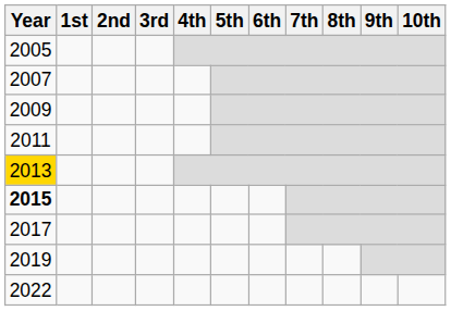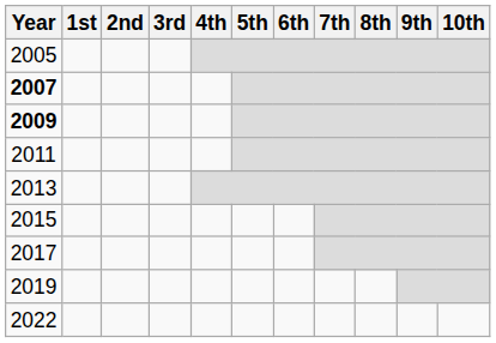 <table class="wikitable" style="text-align:left; font-size:90%">
 <tr>
 <th>Year</th>
 <th>1st</th>
 <th>2nd</th>
 <th>3rd</th>
 <th>4th</th>
 <th>5th</th>
 <th>6th</th>
 <th>7th</th>
 <th>8th</th>
 <th>9th</th>
 <th>10th</th>
 </tr>
 <tr>
 <td align="center">2005</td>
 <td></td>
 <td></td>
 <td></td>
 <td colspan=7 bgcolor=#DCDCDC></td>
 </tr>
 <tr>
-<td align="center">2007</td>
+<td align="center"><strong>2007</strong></td>
 <td></td>
 <td></td>
 <td></td>
 <td></td>
 <td colspan=6 bgcolor=#DCDCDC></td>
 </tr>
 <tr>
-<td align="center">2009</td>
+<td align="center"><strong>2009</strong></td>
 <td></td>
 <td></td>
 <td></td>
 <td></td>
 <td colspan=6 bgcolor=#DCDCDC></td>
 </tr>
 <tr>
 <td align="center">2011</td>
 <td></td>
 <td></td>
 <td></td>
 <td></td>
 <td colspan=6 bgcolor=#DCDCDC></td>
 </tr>
 <tr>
-<td align="center" style="background: gold;">2013</td>
+<td align="center">2013</td>
 <td></td>
 <td></td>
 <td></td>
 <td colspan=7 bgcolor=#DCDCDC></td>
 </tr>
 <tr>
-<td align="center"><strong>2015</strong></td>
+<td align="center">2015</td>
 <td></td>
 <td></td>
 <td></td>
 <td></td>
 <td></td>
 <td></td>
 <td colspan=4 bgcolor=#DCDCDC></td>
 </tr>
 <tr>
 <td align="center">2017</td>
 <td></td>
 <td></td>
 <td></td>
 <td></td>
 <td></td>
 <td></td>
 <td colspan=4 bgcolor=#DCDCDC></td>
 </tr>
 <tr>
 <td align="center">2019</td>
 <td></td>
 <td></td>
 <td></td>
 <td></td>
 <td></td>
 <td></td>
 <td></td>
 <td></td>
 <td colspan=2 bgcolor=#DCDCDC></td>
 </tr>
 <tr>
 <td align="center">2022</td>
 <td></td>
 <td></td>
 <td></td>
 <td></td>
 <td></td>
 <td></td>
 <td></td>
 <td></td>
 <td></td>
 <td></td>
 </tr>
 </table>
